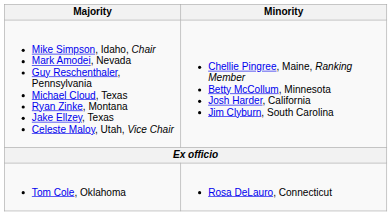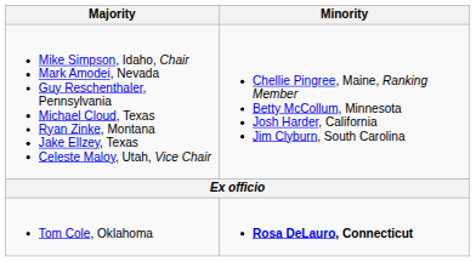 <table class=wikitable>
 <tr>
 <th>Majority</th>
 <th>Minority</th>
 </tr>
 <tr>
 <td><br><ul><li><a href='#'>Mike Simpson</a>, Idaho, <em>Chair</em></li><li><a href='#'>Mark Amodei</a>, Nevada</li><li><a href='#'>Guy Reschenthaler</a>, Pennsylvania</li><li><a href='#'>Michael Cloud</a>, Texas</li><li><a href='#'>Ryan Zinke</a>, Montana</li><li><a href='#'>Jake Ellzey</a>, Texas</li><li><a href='#'>Celeste Maloy</a>, Utah, <em>Vice Chair</em></li></ul></td>
 <td><br><ul><li><a href='#'>Chellie Pingree</a>, Maine, <em>Ranking Member</em></li><li><a href='#'>Betty McCollum</a>, Minnesota</li><li><a href='#'>Josh Harder</a>, California</li><li><a href='#'>Jim Clyburn</a>, South Carolina</li></ul></td>
 </tr>
 <tr>
 <th colspan=2><em>Ex officio</em></th>
 </tr>
 <tr>
 <td><br><ul><li><a href='#'>Tom Cole</a>, Oklahoma</li></ul></td>
-<td><br><ul><li><a href='#'>Rosa DeLauro</a>, Connecticut</li></ul></td>
+<td><strong><br><ul><li><a href='#'>Rosa DeLauro</a>, Connecticut</li></ul></strong></td>
 </tr>
 </table>
